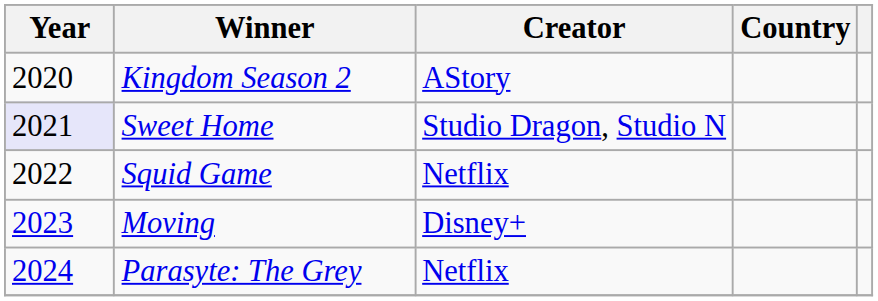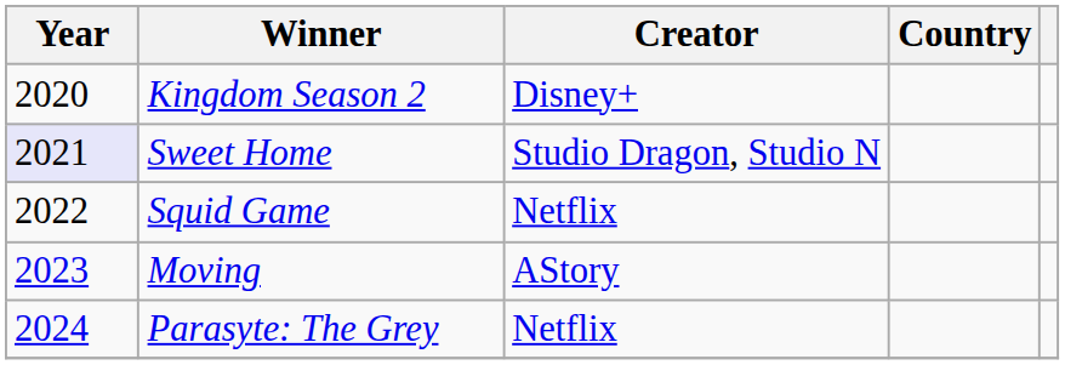 <table class="wikitable" | align=center>
 <tr>
 <th style="width:50px">Year</th>
 <th style="width:150px">Winner</th>
 <th>Creator</th>
 <th>Country</th>
 <th></th>
 </tr>
 <tr>
 <td rowspan="1">2020</td>
 <td><em><a href='#'>Kingdom Season 2</a></em></td>
-<td><a href='#'>AStory</a></td>
+<td><a href='#'>Disney+</a></td>
 <td></td>
 <td style="text-align: center;"></td>
 </tr>
 <tr>
 <td rowspan="1" style="background: lavender;">2021</td>
 <td><em><a href='#'>Sweet Home</a></em></td>
 <td><a href='#'>Studio Dragon</a>, <a href='#'>Studio N</a></td>
 <td></td>
 <td style="text-align: center;"></td>
 </tr>
 <tr>
 <td rowspan="1">2022</td>
 <td><em><a href='#'>Squid Game</a></em></td>
 <td><a href='#'>Netflix</a></td>
 <td></td>
 <td style="text-align: center;"></td>
 </tr>
 <tr>
 <td><a href='#'>2023</a></td>
 <td><em><a href='#'>Moving</a></em></td>
-<td><a href='#'>Disney+</a></td>
+<td><a href='#'>AStory</a></td>
 <td></td>
 <td style="text-align: center;"></td>
 </tr>
 <tr>
 <td><a href='#'>2024</a></td>
 <td><em><a href='#'>Parasyte: The Grey</a></em></td>
 <td><a href='#'>Netflix</a></td>
 <td></td>
 <td style="text-align: center;"></td>
 </tr>
 <tr>
 </tr>
 </table>
